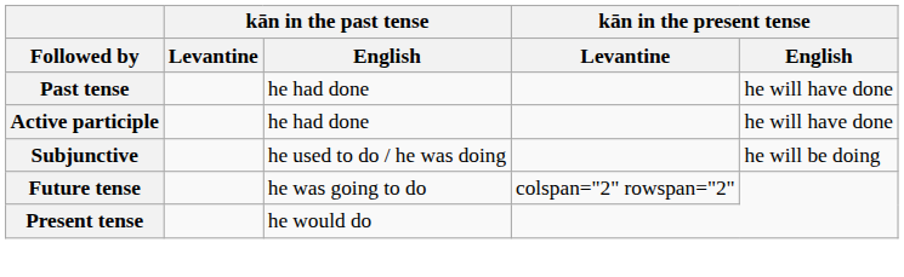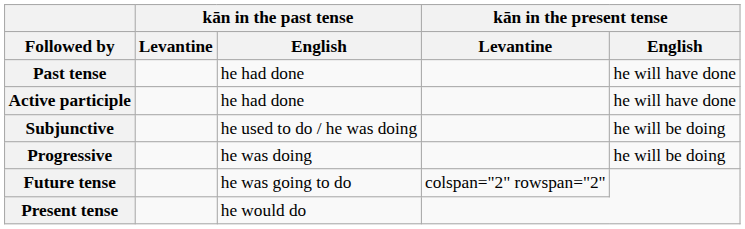 <table class="wikitable">
 <tr>
 <th></th>
 <th colspan="2">kān in the past tense</th>
 <th colspan="2">kān in the present tense</th>
 </tr>
 <tr>
 <th>Followed by</th>
 <th>Levantine</th>
 <th>English</th>
 <th>Levantine</th>
 <th>English</th>
 </tr>
 <tr>
 <th>Past tense</th>
 <td> </td>
 <td>he had done</td>
 <td> </td>
 <td>he will have done</td>
 </tr>
 <tr>
 <th>Active participle</th>
 <td> </td>
 <td>he had done</td>
 <td> </td>
 <td>he will have done</td>
 </tr>
 <tr>
 <th>Subjunctive</th>
 <td> </td>
 <td>he used to do / he was doing</td>
 <td> </td>
 <td>he will be doing</td>
 </tr>
 <tr>
+<th>Progressive</th>
+<td> </td>
+<td>he was doing</td>
+<td> </td>
+<td>he will be doing</td>
+</tr>
+<tr>
 <th>Future tense</th>
 <td> <br> </td>
 <td>he was going to do</td>
 <td>colspan="2" rowspan="2" </td>
 </tr>
 <tr>
 <th>Present tense</th>
 <td> </td>
 <td>he would do</td>
 </tr>
 </table>
